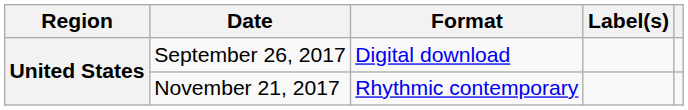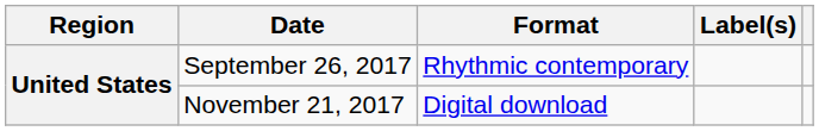 <table class="wikitable plainrowheaders">
 <tr>
 <th scope="row">Region</th>
 <th scope="row">Date</th>
 <th scope="row">Format</th>
 <th scope="row">Label(s)</th>
 <th scope="row"></th>
 </tr>
 <tr>
 <th scope="row" rowspan="2">United States</th>
 <td>September 26, 2017</td>
-<td><a href='#'>Digital download</a></td>
+<td><a href='#'>Rhythmic contemporary</a></td>
 <td></td>
 <td></td>
 </tr>
 <tr>
 <td>November 21, 2017</td>
-<td><a href='#'>Rhythmic contemporary</a></td>
+<td><a href='#'>Digital download</a></td>
 <td></td>
 <td></td>
 </tr>
 </table>
